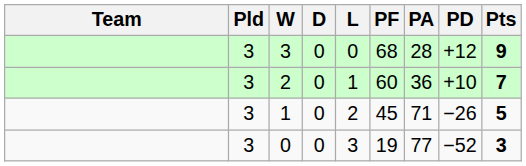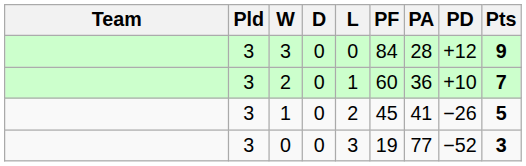 <table class="wikitable" style="text-align:center;">
 <tr>
 <th width=175>Team</th>
 <th width=20 abbr="Played">Pld</th>
 <th width=20 abbr="Won">W</th>
 <th width=20 abbr="Drawn">D</th>
 <th width=20 abbr="Lost">L</th>
 <th width=20 abbr="Points for">PF</th>
 <th width=20 abbr="Points against">PA</th>
 <th width=25 abbr="Points difference">PD</th>
 <th width=20 abbr="Points">Pts</th>
 </tr>
 <tr bgcolor=ccffcc>
 <td align=left></td>
 <td>3</td>
 <td>3</td>
 <td>0</td>
 <td>0</td>
-<td>68</td>
+<td>84</td>
 <td>28</td>
 <td>+12</td>
 <td><strong>9</strong></td>
 </tr>
 <tr bgcolor=ccffcc>
 <td align=left></td>
 <td>3</td>
 <td>2</td>
 <td>0</td>
 <td>1</td>
 <td>60</td>
 <td>36</td>
 <td>+10</td>
 <td><strong>7</strong></td>
 </tr>
 <tr>
 <td align=left></td>
 <td>3</td>
 <td>1</td>
 <td>0</td>
 <td>2</td>
 <td>45</td>
-<td>71</td>
+<td>41</td>
 <td>−26</td>
 <td><strong>5</strong></td>
 </tr>
 <tr>
 <td align=left></td>
 <td>3</td>
 <td>0</td>
 <td>0</td>
 <td>3</td>
 <td>19</td>
 <td>77</td>
 <td>−52</td>
 <td><strong>3</strong></td>
 </tr>
 </table>
